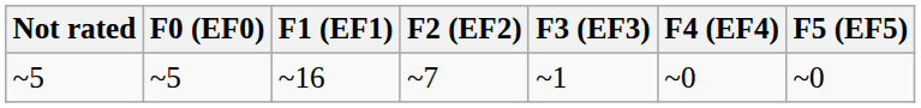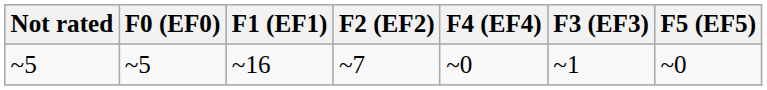 <table class="wikitable mw-collapsible">
 <tr>
 <th>Not rated</th>
 <th style="background-color:#">F0 (EF0)</th>
 <th style="background-color:#">F1 (EF1)</th>
 <th style="background-color:#">F2 (EF2)</th>
+<th style="background-color:#">F4 (EF4)</th>
 <th style="background-color:#">F3 (EF3)</th>
-<th style="background-color:#">F4 (EF4)</th>
 <th style="background-color:#">F5 (EF5)</th>
 </tr>
 <tr>
 <td>~5</td>
 <td>~5</td>
 <td>~16</td>
 <td>~7</td>
+<td>~0</td>
 <td>~1</td>
-<td>~0</td>
 <td>~0</td>
 </tr>
 </table>
